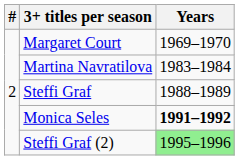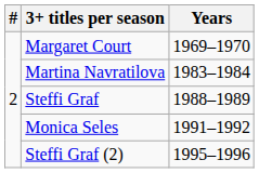 <table class="wikitable">
 <tr>
 <th>#</th>
 <th>3+ titles per season</th>
 <th>Years</th>
 </tr>
 <tr>
 <td rowspan="5">2</td>
 <td> <a href='#'>Margaret Court</a></td>
 <td>1969–1970</td>
 </tr>
 <tr>
 <td> <a href='#'>Martina Navratilova</a></td>
 <td>1983–1984</td>
 </tr>
 <tr>
 <td> <a href='#'>Steffi Graf</a></td>
 <td>1988–1989</td>
 </tr>
 <tr>
 <td> <a href='#'>Monica Seles</a></td>
-<td><strong>1991–1992</strong></td>
+<td>1991–1992</td>
 </tr>
 <tr>
 <td> <a href='#'>Steffi Graf</a> (2)</td>
-<td style="background: lightgreen;">1995–1996</td>
+<td>1995–1996</td>
 </tr>
 </table>
